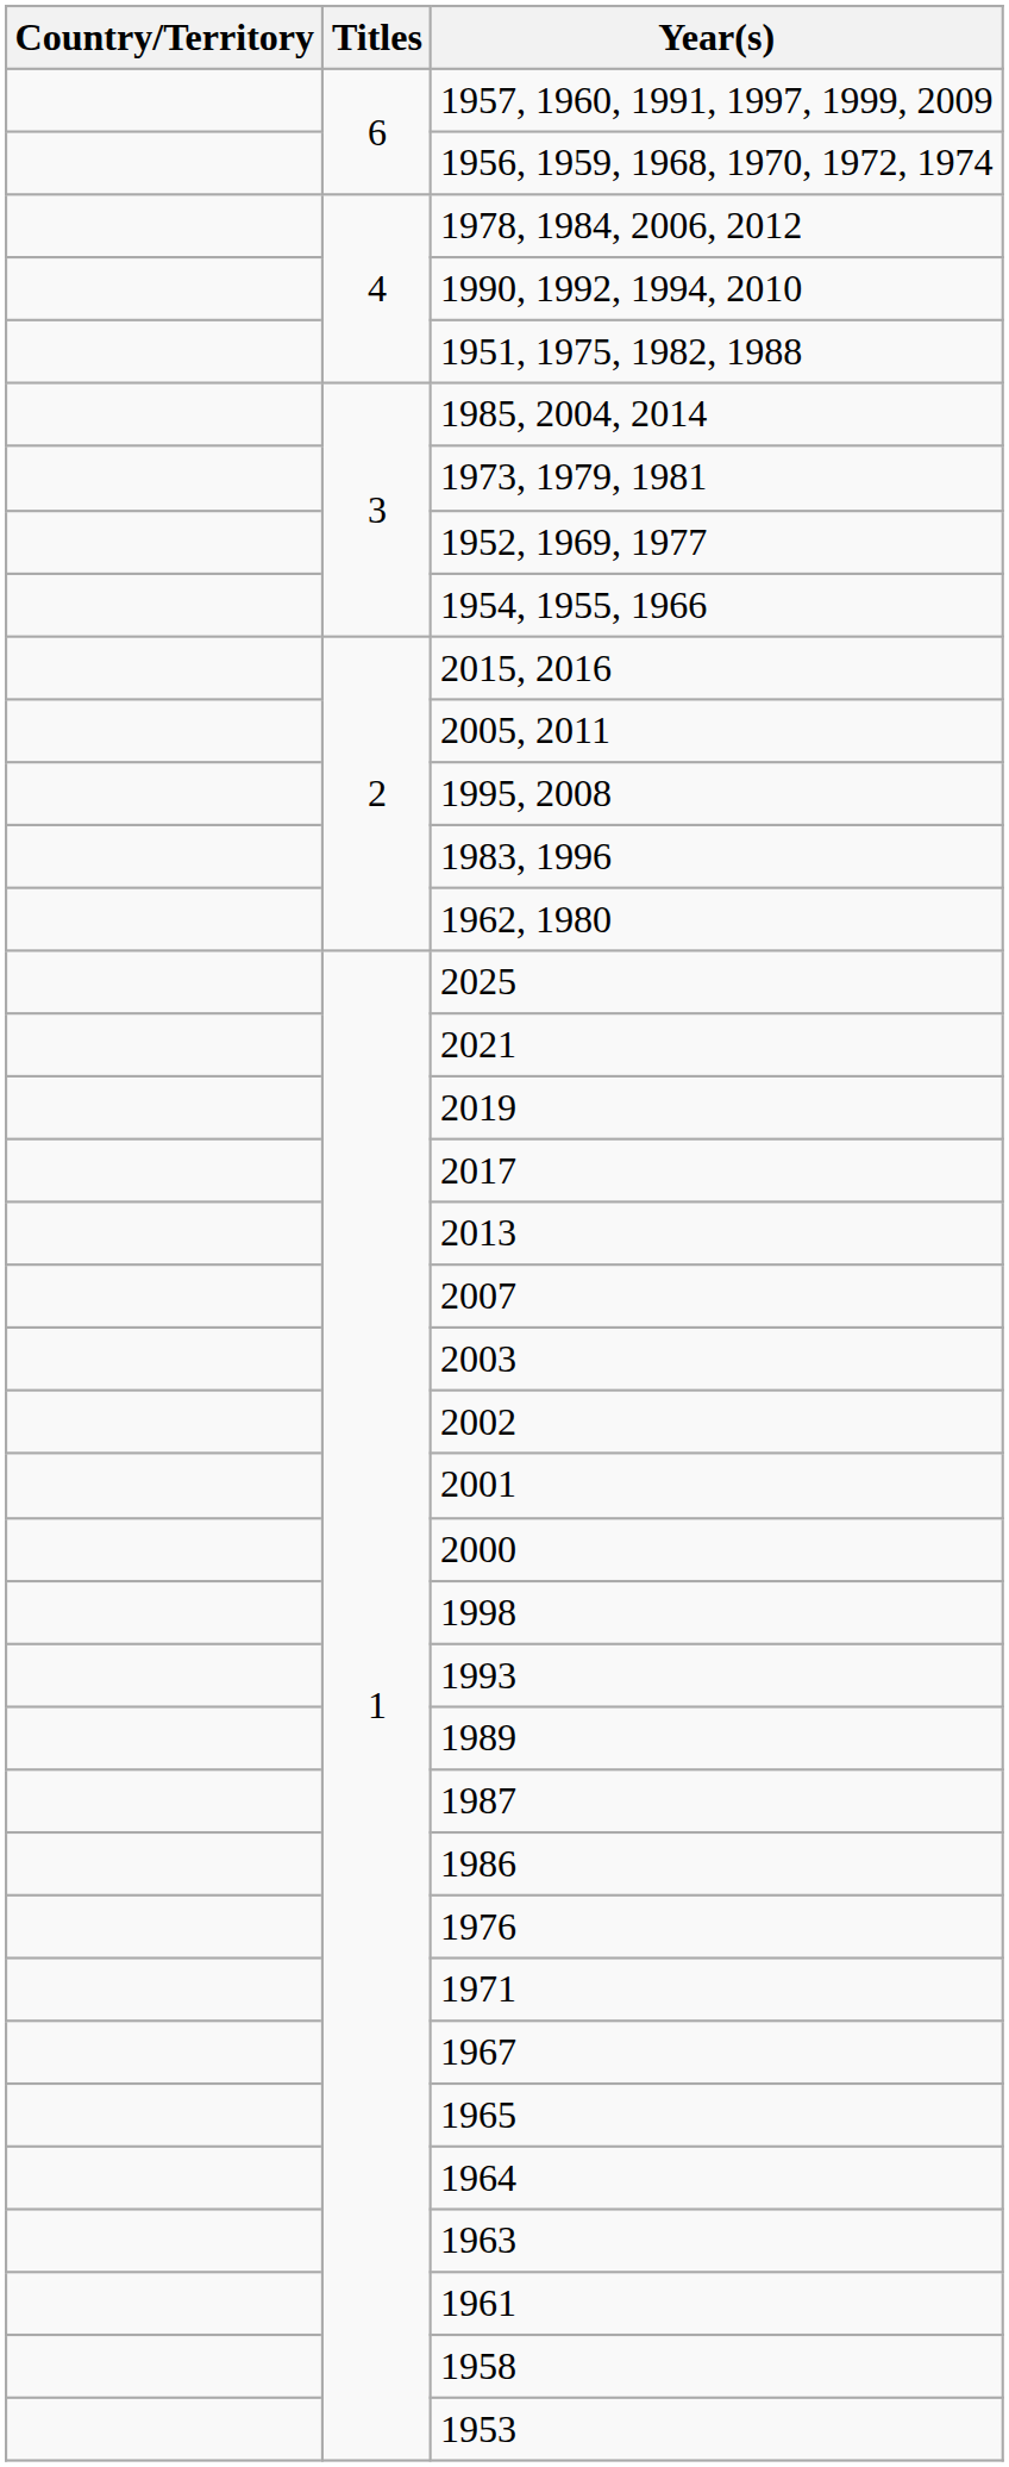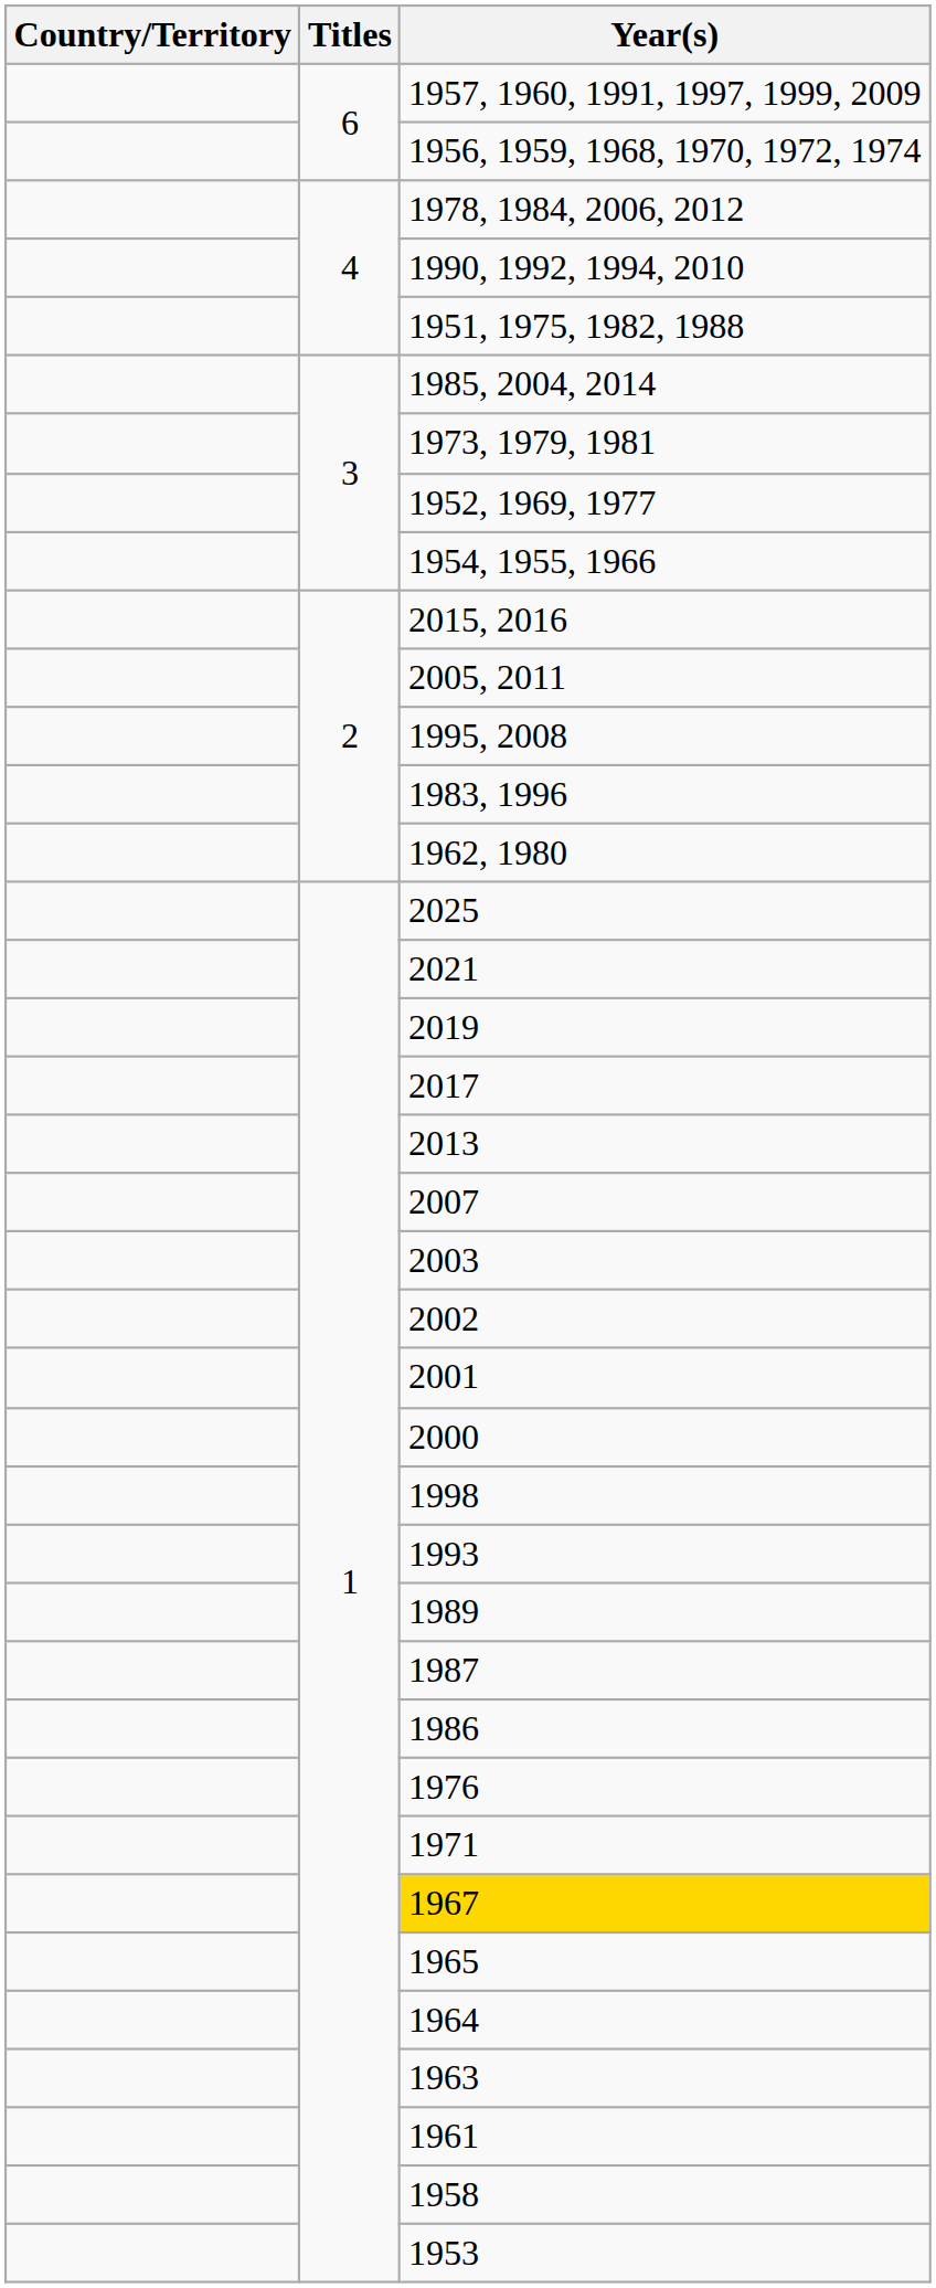 <table class="wikitable sortable" style="font-size: 95%;">
 <tr>
 <th>Country/Territory</th>
 <th>Titles</th>
 <th>Year(s)</th>
 </tr>
 <tr>
 <td></td>
 <td rowspan="2" style="text-align:center;">6</td>
 <td>1957, 1960, 1991, 1997, 1999, 2009</td>
 </tr>
 <tr>
 <td></td>
 <td>1956, 1959, 1968, 1970, 1972, 1974</td>
 </tr>
 <tr>
 <td></td>
 <td rowspan="3" style="text-align:center;">4</td>
 <td>1978, 1984, 2006, 2012</td>
 </tr>
 <tr>
 <td></td>
 <td>1990, 1992, 1994, 2010</td>
 </tr>
 <tr>
 <td></td>
 <td>1951, 1975, 1982, 1988</td>
 </tr>
 <tr>
 <td></td>
 <td rowspan="4" style="text-align:center;">3</td>
 <td>1985, 2004, 2014</td>
 </tr>
 <tr>
 <td></td>
 <td>1973, 1979, 1981</td>
 </tr>
 <tr>
 <td></td>
 <td>1952, 1969, 1977</td>
 </tr>
 <tr>
 <td></td>
 <td>1954, 1955, 1966</td>
 </tr>
 <tr>
 <td></td>
 <td rowspan="5" style="text-align:center;">2</td>
 <td>2015, 2016</td>
 </tr>
 <tr>
 <td></td>
 <td>2005, 2011</td>
 </tr>
 <tr>
 <td></td>
 <td>1995, 2008</td>
 </tr>
 <tr>
 <td></td>
 <td>1983, 1996</td>
 </tr>
 <tr>
 <td></td>
 <td>1962, 1980</td>
 </tr>
 <tr>
 <td></td>
 <td rowspan="24" style="text-align:center;">1</td>
 <td>2025</td>
 </tr>
 <tr>
 <td></td>
 <td>2021</td>
 </tr>
 <tr>
 <td></td>
 <td>2019</td>
 </tr>
 <tr>
 <td></td>
 <td>2017</td>
 </tr>
 <tr>
 <td></td>
 <td>2013</td>
 </tr>
 <tr>
 <td></td>
 <td>2007</td>
 </tr>
 <tr>
 <td></td>
 <td>2003</td>
 </tr>
 <tr>
 <td></td>
 <td>2002</td>
 </tr>
 <tr>
 <td></td>
 <td>2001</td>
 </tr>
 <tr>
 <td></td>
 <td>2000</td>
 </tr>
 <tr>
 <td></td>
 <td>1998</td>
 </tr>
 <tr>
 <td></td>
 <td>1993</td>
 </tr>
 <tr>
 <td></td>
 <td>1989</td>
 </tr>
 <tr>
 <td></td>
 <td>1987</td>
 </tr>
 <tr>
 <td></td>
 <td>1986</td>
 </tr>
 <tr>
 <td></td>
 <td>1976</td>
 </tr>
 <tr>
 <td></td>
 <td>1971</td>
 </tr>
 <tr>
 <td></td>
-<td>1967</td>
+<td style="background: gold;">1967</td>
 </tr>
 <tr>
 <td></td>
 <td>1965</td>
 </tr>
 <tr>
 <td></td>
 <td>1964</td>
 </tr>
 <tr>
 <td></td>
 <td>1963</td>
 </tr>
 <tr>
 <td></td>
 <td>1961</td>
 </tr>
 <tr>
 <td></td>
 <td>1958</td>
 </tr>
 <tr>
 <td></td>
 <td>1953</td>
 </tr>
 </table>
